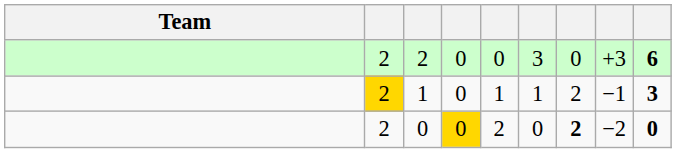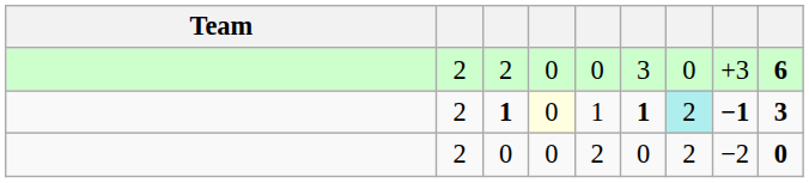 <table class=wikitable style="text-align:center">
 <tr>
 <th width=250>Team</th>
 <th width=20></th>
 <th width=20></th>
 <th width=20></th>
 <th width=20></th>
 <th width=20></th>
 <th width=20></th>
 <th width=20></th>
 <th width=20></th>
 </tr>
 <tr bgcolor=#ccffcc>
 <td align=left></td>
 <td>2</td>
 <td>2</td>
 <td>0</td>
 <td>0</td>
 <td>3</td>
 <td>0</td>
 <td>+3</td>
 <td><strong>6</strong></td>
 </tr>
 <tr>
 <td align=left></td>
-<td style="background: gold;">2</td>
+<td>2</td>
+<td><strong>1</strong></td>
+<td style="background: lightyellow;">0</td>
 <td>1</td>
-<td>0</td>
-<td>1</td>
-<td>1</td>
-<td>2</td>
-<td>−1</td>
+<td><strong>1</strong></td>
+<td style="background: paleturquoise;">2</td>
+<td><strong>−1</strong></td>
 <td><strong>3</strong></td>
 </tr>
 <tr>
 <td align=left></td>
 <td>2</td>
 <td>0</td>
-<td style="background: gold;">0</td>
+<td>0</td>
 <td>2</td>
 <td>0</td>
-<td><strong>2</strong></td>
+<td>2</td>
 <td>−2</td>
 <td><strong>0</strong></td>
 </tr>
 </table>
